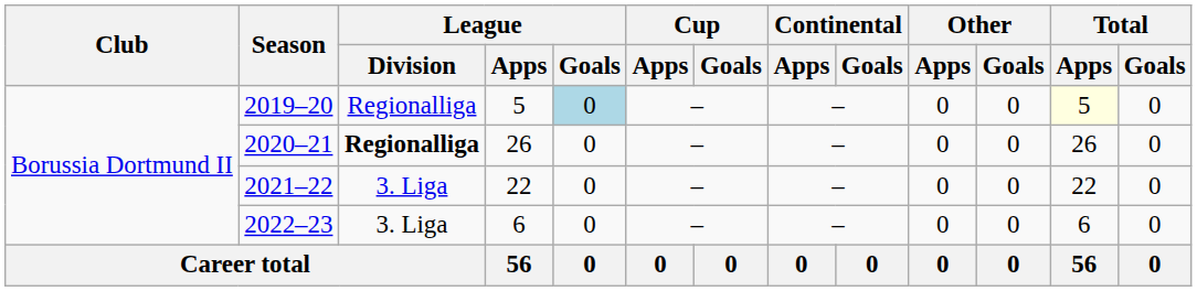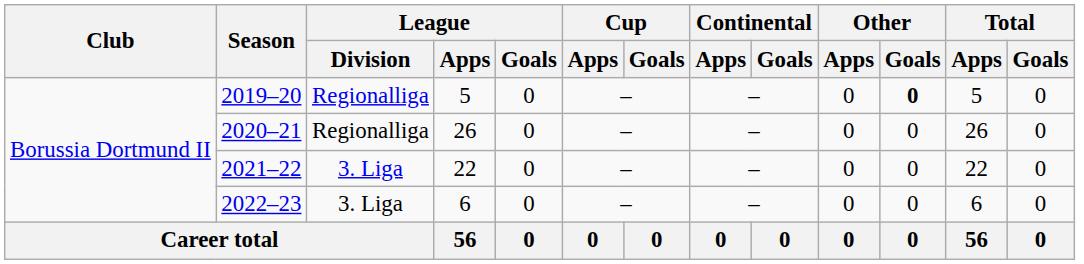 <table class="wikitable" style="text-align: center">
 <tr>
 <th rowspan="2">Club</th>
 <th rowspan="2">Season</th>
 <th colspan="3">League</th>
 <th colspan="2">Cup</th>
 <th colspan="2">Continental</th>
 <th colspan="2">Other</th>
 <th colspan="2">Total</th>
 </tr>
 <tr>
 <th>Division</th>
 <th>Apps</th>
 <th>Goals</th>
 <th>Apps</th>
 <th>Goals</th>
 <th>Apps</th>
 <th>Goals</th>
 <th>Apps</th>
 <th>Goals</th>
 <th>Apps</th>
 <th>Goals</th>
 </tr>
 <tr>
 <td rowspan="4"><a href='#'>Borussia Dortmund II</a></td>
 <td><a href='#'>2019–20</a></td>
 <td><a href='#'>Regionalliga</a></td>
 <td>5</td>
-<td style="background: lightblue;">0</td>
+<td>0</td>
 <td colspan="2">–</td>
 <td colspan="2">–</td>
 <td>0</td>
-<td>0</td>
-<td style="background: lightyellow;">5</td>
+<td><strong>0</strong></td>
+<td>5</td>
 <td>0</td>
 </tr>
 <tr>
 <td><a href='#'>2020–21</a></td>
-<td><strong>Regionalliga</strong></td>
+<td>Regionalliga</td>
 <td>26</td>
 <td>0</td>
 <td colspan="2">–</td>
 <td colspan="2">–</td>
 <td>0</td>
 <td>0</td>
 <td>26</td>
 <td>0</td>
 </tr>
 <tr>
 <td><a href='#'>2021–22</a></td>
 <td><a href='#'>3. Liga</a></td>
 <td>22</td>
 <td>0</td>
 <td colspan="2">–</td>
 <td colspan="2">–</td>
 <td>0</td>
 <td>0</td>
 <td>22</td>
 <td>0</td>
 </tr>
 <tr>
 <td><a href='#'>2022–23</a></td>
 <td>3. Liga</td>
 <td>6</td>
 <td>0</td>
 <td colspan="2">–</td>
 <td colspan="2">–</td>
 <td>0</td>
 <td>0</td>
 <td>6</td>
 <td>0</td>
 </tr>
 <tr>
 <th colspan="3">Career total</th>
 <th>56</th>
 <th>0</th>
 <th>0</th>
 <th>0</th>
 <th>0</th>
 <th>0</th>
 <th>0</th>
 <th>0</th>
 <th>56</th>
 <th>0</th>
 </tr>
 </table>
